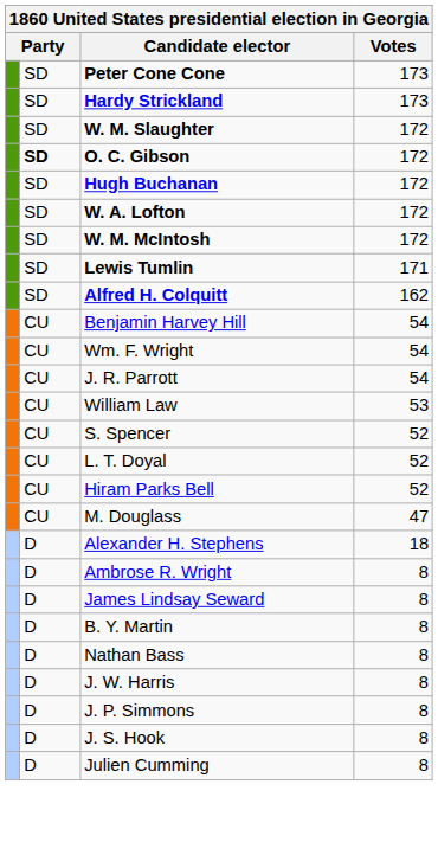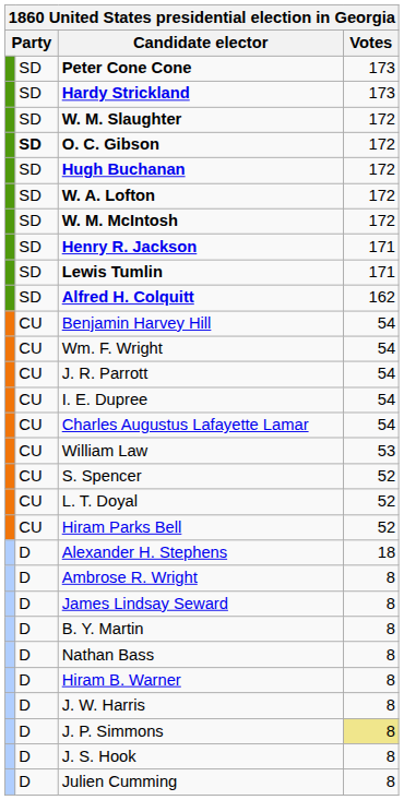 <table class="wikitable sortable">
 <tr style="background-color:#E9E9E9;">
 <th colspan="4">1860 United States presidential election in Georgia</th>
 </tr>
 <tr scope="row" bgcolor="#EEEEEE" align="center">
 <th colspan=2>Party</th>
 <th>Candidate elector</th>
 <th>Votes</th>
 </tr>
 <tr>
 <td style="background-color:#4F990C"></td>
 <td>SD</td>
 <td><strong>Peter Cone Cone</strong></td>
 <td align="right">173</td>
 </tr>
 <tr>
 <td style="background-color:#4F990C"></td>
 <td>SD</td>
 <td><strong><a href='#'>Hardy Strickland</a></strong></td>
 <td align="right">173</td>
 </tr>
 <tr>
 <td style="background-color:#4F990C"></td>
 <td>SD</td>
 <td><strong>W. M. Slaughter</strong></td>
 <td align="right">172</td>
 </tr>
 <tr>
 <td style="background-color:#4F990C"></td>
 <td><strong>SD</strong></td>
 <td><strong>O. C. Gibson</strong></td>
 <td align="right">172</td>
 </tr>
 <tr>
 <td style="background-color:#4F990C"></td>
 <td>SD</td>
 <td><strong><a href='#'>Hugh Buchanan</a></strong></td>
 <td align="right">172</td>
 </tr>
 <tr>
 <td style="background-color:#4F990C"></td>
 <td>SD</td>
 <td><strong>W. A. Lofton</strong></td>
 <td align="right">172</td>
 </tr>
 <tr>
 <td style="background-color:#4F990C"></td>
 <td>SD</td>
 <td><strong>W. M. McIntosh</strong></td>
 <td align="right">172</td>
 </tr>
 <tr>
 <td style="background-color:#4F990C"></td>
 <td>SD</td>
+<td><strong><a href='#'>Henry R. Jackson</a></strong></td>
+<td align="right">171</td>
+</tr>
+<tr>
+<td style="background-color:#4F990C"></td>
+<td>SD</td>
 <td><strong>Lewis Tumlin</strong></td>
 <td align="right">171</td>
 </tr>
 <tr>
 <td style="background-color:#4F990C"></td>
 <td>SD</td>
 <td><strong><a href='#'>Alfred H. Colquitt</a></strong></td>
 <td align="right">162</td>
 </tr>
 <tr>
 <td style="background-color:#F17509"></td>
 <td>CU</td>
 <td><a href='#'>Benjamin Harvey Hill</a></td>
 <td align="right">54</td>
 </tr>
 <tr>
 <td style="background-color:#F17509"></td>
 <td>CU</td>
 <td>Wm. F. Wright</td>
 <td align="right">54</td>
 </tr>
 <tr>
 <td style="background-color:#F17509"></td>
 <td>CU</td>
 <td>J. R. Parrott</td>
 <td align="right">54</td>
 </tr>
 <tr>
 <td style="background-color:#F17509"></td>
 <td>CU</td>
+<td>I. E. Dupree</td>
+<td align="right">54</td>
+</tr>
+<tr>
+<td style="background-color:#F17509"></td>
+<td>CU</td>
+<td><a href='#'>Charles Augustus Lafayette Lamar</a></td>
+<td align="right">54</td>
+</tr>
+<tr>
+<td style="background-color:#F17509"></td>
+<td>CU</td>
 <td>William Law</td>
 <td align="right">53</td>
 </tr>
 <tr>
 <td style="background-color:#F17509"></td>
 <td>CU</td>
 <td>S. Spencer</td>
 <td align="right">52</td>
 </tr>
 <tr>
 <td style="background-color:#F17509"></td>
 <td>CU</td>
 <td>L. T. Doyal</td>
 <td align="right">52</td>
 </tr>
 <tr>
 <td style="background-color:#F17509"></td>
 <td>CU</td>
 <td><a href='#'>Hiram Parks Bell</a></td>
 <td align="right">52</td>
-</tr>
-<tr>
-<td style="background-color:#F17509"></td>
-<td>CU</td>
-<td>M. Douglass</td>
-<td align="right">47</td>
 </tr>
 <tr>
 <td style="background-color:#B0CEFF"></td>
 <td>D</td>
 <td><a href='#'>Alexander H. Stephens</a></td>
 <td align="right">18</td>
 </tr>
 <tr>
 <td style="background-color:#B0CEFF"></td>
 <td>D</td>
 <td><a href='#'>Ambrose R. Wright</a></td>
 <td align="right">8</td>
 </tr>
 <tr>
 <td style="background-color:#B0CEFF"></td>
 <td>D</td>
 <td><a href='#'>James Lindsay Seward</a></td>
 <td align="right">8</td>
 </tr>
 <tr>
 <td style="background-color:#B0CEFF"></td>
 <td>D</td>
 <td>B. Y. Martin</td>
 <td align="right">8</td>
 </tr>
 <tr>
 <td style="background-color:#B0CEFF"></td>
 <td>D</td>
 <td>Nathan Bass</td>
 <td align="right">8</td>
 </tr>
 <tr>
 <td style="background-color:#B0CEFF"></td>
 <td>D</td>
+<td><a href='#'>Hiram B. Warner</a></td>
+<td align="right">8</td>
+</tr>
+<tr>
+<td style="background-color:#B0CEFF"></td>
+<td>D</td>
 <td>J. W. Harris</td>
 <td align="right">8</td>
 </tr>
 <tr>
 <td style="background-color:#B0CEFF"></td>
 <td>D</td>
 <td>J. P. Simmons</td>
-<td align="right">8</td>
+<td align="right" style="background: khaki;">8</td>
 </tr>
 <tr>
 <td style="background-color:#B0CEFF"></td>
 <td>D</td>
 <td>J. S. Hook</td>
 <td align="right">8</td>
 </tr>
 <tr>
 <td style="background-color:#B0CEFF"></td>
 <td>D</td>
 <td>Julien Cumming</td>
 <td align="right">8</td>
 </tr>
 </table>
